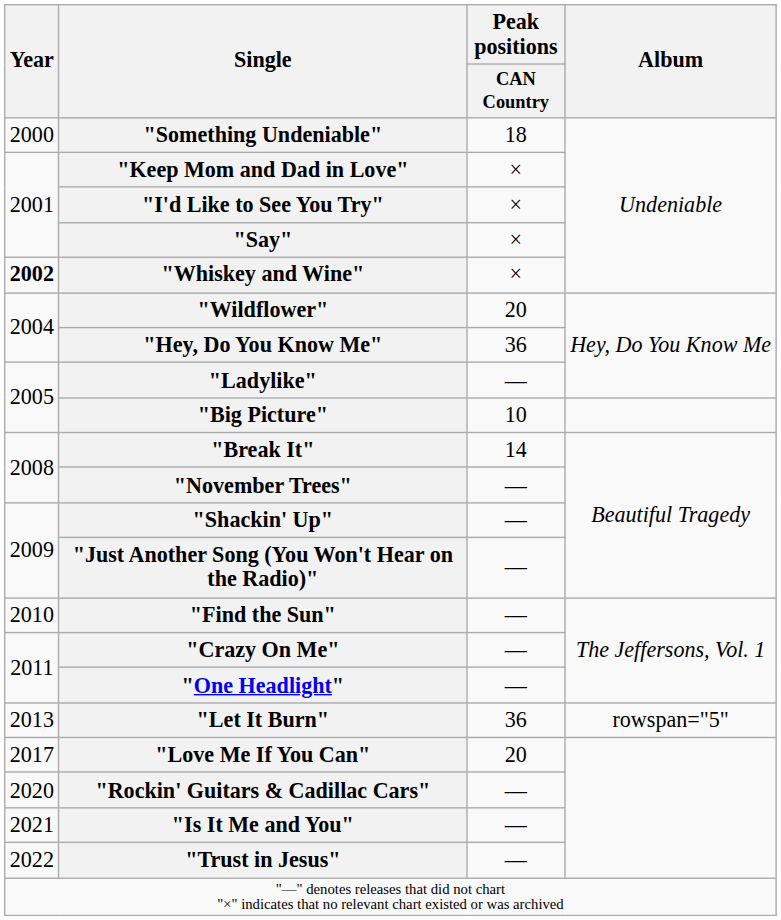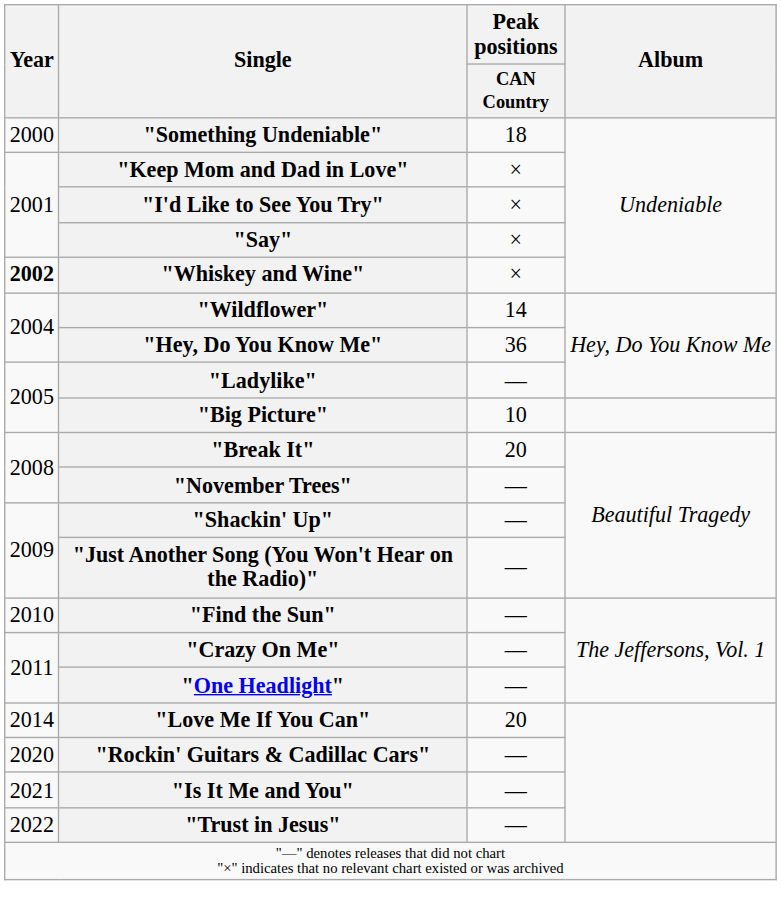 <table class="wikitable plainrowheaders" style="text-align:center;">
 <tr>
 <th rowspan="2">Year</th>
 <th rowspan="2" style="width:18em;">Single</th>
 <th>Peak positions</th>
 <th rowspan="2">Album</th>
 </tr>
 <tr style="font-size:smaller;">
 <th width="65">CAN Country<br></th>
 </tr>
 <tr>
 <td>2000</td>
 <th scope="row">"Something Undeniable"</th>
 <td>18</td>
 <td rowspan="5"><em>Undeniable</em></td>
 </tr>
 <tr>
 <td rowspan="3">2001</td>
 <th scope="row">"Keep Mom and Dad in Love"<br></th>
 <td>×</td>
 </tr>
 <tr>
 <th scope="row">"I'd Like to See You Try"</th>
 <td>×</td>
 </tr>
 <tr>
 <th scope="row">"Say"</th>
 <td>×</td>
 </tr>
 <tr>
 <td><strong>2002</strong></td>
 <th scope="row">"Whiskey and Wine"</th>
 <td>×</td>
 </tr>
 <tr>
 <td rowspan="2">2004</td>
 <th scope="row">"Wildflower"</th>
-<td>20</td>
+<td>14</td>
 <td rowspan="3"><em>Hey, Do You Know Me</em></td>
 </tr>
 <tr>
 <th scope="row">"Hey, Do You Know Me"</th>
 <td>36</td>
 </tr>
 <tr>
 <td rowspan="2">2005</td>
 <th scope="row">"Ladylike"</th>
 <td>—</td>
 </tr>
 <tr>
 <th scope="row">"Big Picture"</th>
 <td>10</td>
 <td></td>
 </tr>
 <tr>
 <td rowspan="2">2008</td>
 <th scope="row">"Break It"</th>
-<td>14</td>
+<td>20</td>
 <td rowspan="4"><em>Beautiful Tragedy</em></td>
 </tr>
 <tr>
 <th scope="row">"November Trees"</th>
 <td>—</td>
 </tr>
 <tr>
 <td rowspan="2">2009</td>
 <th scope="row">"Shackin' Up"</th>
 <td>—</td>
 </tr>
 <tr>
 <th scope="row">"Just Another Song (You Won't Hear on the Radio)"</th>
 <td>—</td>
 </tr>
 <tr>
 <td>2010</td>
 <th scope="row">"Find the Sun"</th>
 <td>—</td>
 <td rowspan="3"><em>The Jeffersons, Vol. 1</em><br></td>
 </tr>
 <tr>
 <td rowspan="2">2011</td>
 <th scope="row">"Crazy On Me"</th>
 <td>—</td>
 </tr>
 <tr>
 <th scope="row">"<a href='#'>One Headlight</a>"</th>
 <td>—</td>
 </tr>
 <tr>
-<td>2013</td>
-<th scope="row">"Let It Burn"</th>
-<td>36</td>
-<td>rowspan="5" </td>
-</tr>
-<tr>
-<td>2017</td>
+<td>2014</td>
 <th scope="row">"Love Me If You Can"</th>
 <td>20</td>
 </tr>
 <tr>
 <td>2020</td>
 <th scope="row">"Rockin' Guitars & Cadillac Cars"</th>
 <td>—</td>
 </tr>
 <tr>
 <td>2021</td>
 <th scope="row">"Is It Me and You"</th>
 <td>—</td>
 </tr>
 <tr>
 <td>2022</td>
 <th scope="row">"Trust in Jesus"</th>
 <td>—</td>
 </tr>
 <tr>
 <td colspan="4" style="font-size:8pt">"—" denotes releases that did not chart<br>"×" indicates that no relevant chart existed or was archived</td>
 </tr>
 </table>
